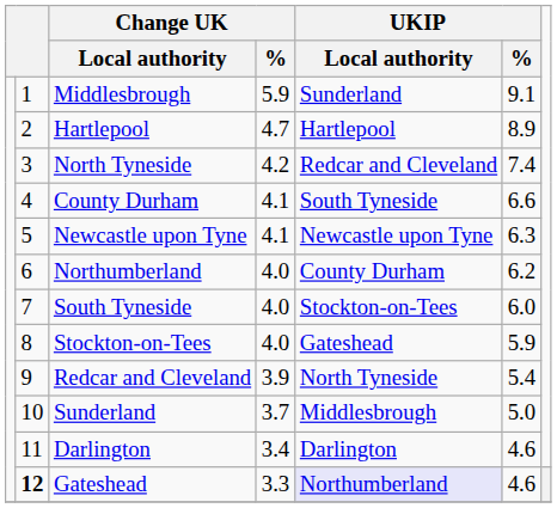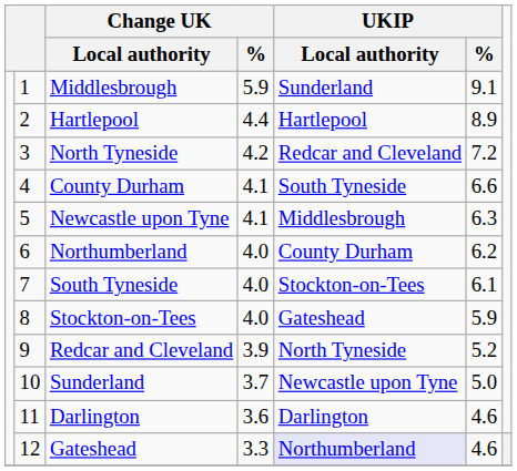 <table class="wikitable">
 <tr>
 <th colspan="2" rowspan="2"></th>
 <th colspan="2">Change UK</th>
 <th colspan="2">UKIP</th>
 </tr>
 <tr>
 <th style="text-align:center;">Local authority</th>
 <th style="text-align:center;">%</th>
 <th>Local authority</th>
 <th>%</th>
 </tr>
 <tr>
 <td rowspan="12"></td>
 <td>1</td>
 <td><a href='#'>Middlesbrough</a></td>
 <td>5.9</td>
 <td><a href='#'>Sunderland</a></td>
 <td>9.1</td>
 </tr>
 <tr>
 <td>2</td>
 <td><a href='#'>Hartlepool</a></td>
-<td>4.7</td>
+<td>4.4</td>
 <td><a href='#'>Hartlepool</a></td>
 <td>8.9</td>
 </tr>
 <tr>
 <td>3</td>
 <td><a href='#'>North Tyneside</a></td>
 <td>4.2</td>
 <td><a href='#'>Redcar and Cleveland</a></td>
-<td>7.4</td>
+<td>7.2</td>
 </tr>
 <tr>
 <td>4</td>
 <td><a href='#'>County Durham</a></td>
 <td>4.1</td>
 <td><a href='#'>South Tyneside</a></td>
 <td>6.6</td>
 </tr>
 <tr>
 <td>5</td>
 <td><a href='#'>Newcastle upon Tyne</a></td>
 <td>4.1</td>
-<td><a href='#'>Newcastle upon Tyne</a></td>
+<td><a href='#'>Middlesbrough</a></td>
 <td>6.3</td>
 </tr>
 <tr>
 <td>6</td>
 <td><a href='#'>Northumberland</a></td>
 <td>4.0</td>
 <td><a href='#'>County Durham</a></td>
 <td>6.2</td>
 </tr>
 <tr>
 <td>7</td>
 <td><a href='#'>South Tyneside</a></td>
 <td>4.0</td>
 <td><a href='#'>Stockton-on-Tees</a></td>
-<td>6.0</td>
+<td>6.1</td>
 </tr>
 <tr>
 <td>8</td>
 <td><a href='#'>Stockton-on-Tees</a></td>
 <td>4.0</td>
 <td><a href='#'>Gateshead</a></td>
 <td>5.9</td>
 </tr>
 <tr>
 <td>9</td>
 <td><a href='#'>Redcar and Cleveland</a></td>
 <td>3.9</td>
 <td><a href='#'>North Tyneside</a></td>
-<td>5.4</td>
+<td>5.2</td>
 </tr>
 <tr>
 <td>10</td>
 <td><a href='#'>Sunderland</a></td>
 <td>3.7</td>
-<td><a href='#'>Middlesbrough</a></td>
+<td><a href='#'>Newcastle upon Tyne</a></td>
 <td>5.0</td>
 </tr>
 <tr>
 <td>11</td>
 <td><a href='#'>Darlington</a></td>
-<td>3.4</td>
+<td>3.6</td>
 <td><a href='#'>Darlington</a></td>
 <td>4.6</td>
 </tr>
 <tr>
-<td><strong>12</strong></td>
+<td>12</td>
 <td><a href='#'>Gateshead</a></td>
 <td>3.3</td>
 <td style="background: lavender;"><a href='#'>Northumberland</a></td>
 <td>4.6</td>
 <th colspan="8"></th>
 </tr>
 <tr>
 </tr>
 </table>
